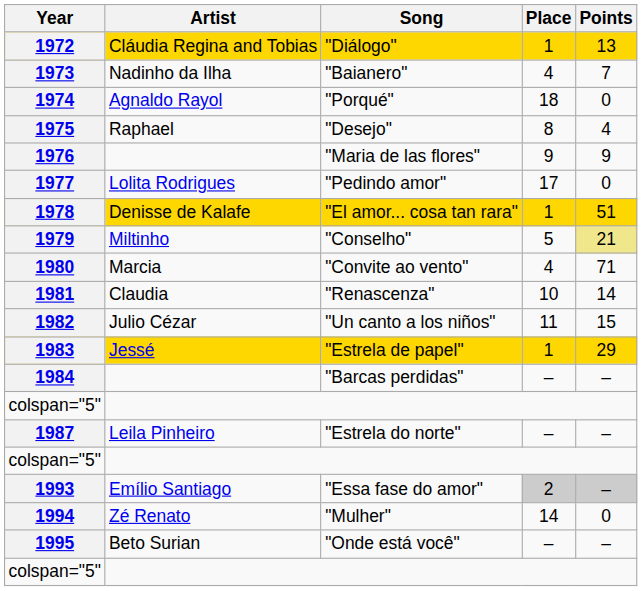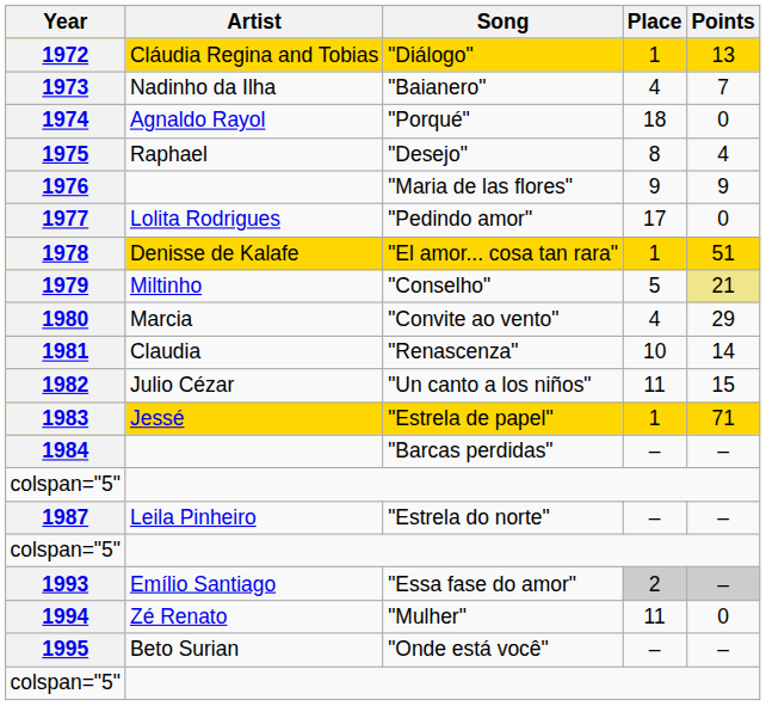 <table class="wikitable sortable plainrowheaders">
 <tr>
 <th scope="col">Year</th>
 <th scope="col">Artist</th>
 <th scope="col">Song</th>
 <th scope="col" data-sort-type="number">Place</th>
 <th scope="col" data-sort-type="number">Points</th>
 </tr>
 <tr bgcolor="FFD700">
 <th scope="row" style="text-align:center;"><a href='#'>1972</a></th>
 <td>Cláudia Regina and Tobias</td>
 <td>"Diálogo"</td>
 <td style="text-align:center;">1</td>
 <td style="text-align:center;">13</td>
 </tr>
 <tr>
 <th scope="row" style="text-align:center;"><a href='#'>1973</a></th>
 <td>Nadinho da Ilha</td>
 <td>"Baianero"</td>
 <td style="text-align:center;">4</td>
 <td style="text-align:center;">7</td>
 </tr>
 <tr>
 <th scope="row" style="text-align:center;"><a href='#'>1974</a></th>
 <td><a href='#'>Agnaldo Rayol</a></td>
 <td>"Porqué"</td>
 <td style="text-align:center;">18</td>
 <td style="text-align:center;">0</td>
 </tr>
 <tr>
 <th scope="row" style="text-align:center;"><a href='#'>1975</a></th>
 <td>Raphael</td>
 <td>"Desejo"</td>
 <td style="text-align:center;">8</td>
 <td style="text-align:center;">4</td>
 </tr>
 <tr>
 <th scope="row" style="text-align:center;"><a href='#'>1976</a></th>
 <td></td>
 <td>"Maria de las flores"</td>
 <td style="text-align:center;">9</td>
 <td style="text-align:center;">9</td>
 </tr>
 <tr>
 <th scope="row" style="text-align:center;"><a href='#'>1977</a></th>
 <td><a href='#'>Lolita Rodrigues</a></td>
 <td>"Pedindo amor"</td>
 <td style="text-align:center;">17</td>
 <td style="text-align:center;">0</td>
 </tr>
 <tr bgcolor="#FFD700">
 <th scope="row" style="text-align:center;"><a href='#'>1978</a></th>
 <td>Denisse de Kalafe</td>
 <td>"El amor... cosa tan rara"</td>
 <td style="text-align:center;">1</td>
 <td style="text-align:center;">51</td>
 </tr>
 <tr>
 <th scope="row" style="text-align:center;"><a href='#'>1979</a></th>
 <td><a href='#'>Miltinho</a></td>
 <td>"Conselho"</td>
 <td style="text-align:center;">5</td>
 <td style="background: khaki; text-align:center;">21</td>
 </tr>
 <tr>
 <th scope="row" style="text-align:center;"><a href='#'>1980</a></th>
 <td>Marcia</td>
 <td>"Convite ao vento"</td>
 <td style="text-align:center;">4</td>
-<td style="text-align:center;">71</td>
+<td style="text-align:center;">29</td>
 </tr>
 <tr>
 <th scope="row" style="text-align:center;"><a href='#'>1981</a></th>
 <td>Claudia</td>
 <td>"Renascenza"</td>
 <td style="text-align:center;">10</td>
 <td style="text-align:center;">14</td>
 </tr>
 <tr>
 <th scope="row" style="text-align:center;"><a href='#'>1982</a></th>
 <td>Julio Cézar</td>
 <td>"Un canto a los niños"</td>
 <td style="text-align:center;">11</td>
 <td style="text-align:center;">15</td>
 </tr>
 <tr bgcolor="#FFD700">
 <th scope="row" style="text-align:center;"><a href='#'>1983</a></th>
 <td><a href='#'>Jessé</a></td>
 <td>"Estrela de papel"</td>
 <td style="text-align:center;">1</td>
-<td style="text-align:center;">29</td>
+<td style="text-align:center;">71</td>
 </tr>
 <tr>
 <th scope="row" style="text-align:center;"><a href='#'>1984</a></th>
 <td></td>
 <td>"Barcas perdidas"</td>
 <td style="text-align:center;">–</td>
 <td style="text-align:center;">–</td>
 </tr>
 <tr>
 <td>colspan="5" </td>
 </tr>
 <tr>
 <th scope="row" style="text-align:center;"><a href='#'>1987</a></th>
 <td><a href='#'>Leila Pinheiro</a></td>
 <td>"Estrela do norte"</td>
 <td style="text-align:center;">–</td>
 <td style="text-align:center;">–</td>
 </tr>
 <tr>
 <td>colspan="5" </td>
 </tr>
 <tr>
 <th scope="row" style="text-align:center;"><a href='#'>1993</a></th>
 <td><a href='#'>Emílio Santiago</a></td>
 <td>"Essa fase do amor"</td>
 <td style="text-align:center; background-color:#CCC;">2</td>
 <td style="text-align:center; background-color:#CCC;">–</td>
 </tr>
 <tr>
 <th scope="row" style="text-align:center;"><a href='#'>1994</a></th>
 <td><a href='#'>Zé Renato</a></td>
 <td>"Mulher"</td>
-<td style="text-align:center;">14</td>
+<td style="text-align:center;">11</td>
 <td style="text-align:center;">0</td>
 </tr>
 <tr>
 <th scope="row" style="text-align:center;"><a href='#'>1995</a></th>
 <td>Beto Surian</td>
 <td>"Onde está você"</td>
 <td style="text-align:center;">–</td>
 <td style="text-align:center;">–</td>
 </tr>
 <tr>
 <td>colspan="5" </td>
 </tr>
 </table>
